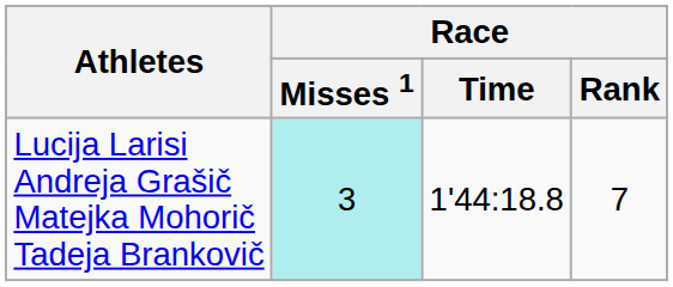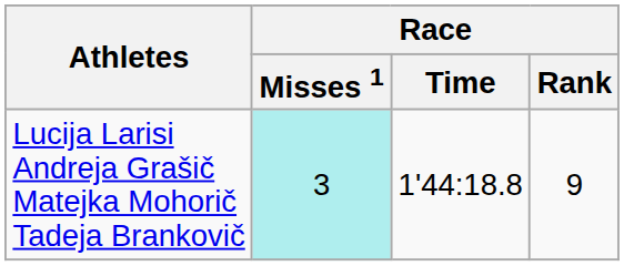 <table class="wikitable" border="1" style="font-size:90%">
 <tr>
 <th rowspan=2>Athletes</th>
 <th colspan=3>Race</th>
 </tr>
 <tr>
 <th>Misses <sup>1</sup></th>
 <th>Time</th>
 <th>Rank</th>
 </tr>
 <tr>
 <td><a href='#'>Lucija Larisi</a><br><a href='#'>Andreja Grašič</a><br><a href='#'>Matejka Mohorič</a><br><a href='#'>Tadeja Brankovič</a></td>
 <td align=center style="background: paleturquoise;">3</td>
 <td align=center>1'44:18.8</td>
-<td align=center>7</td>
+<td align=center>9</td>
 </tr>
 </table>
